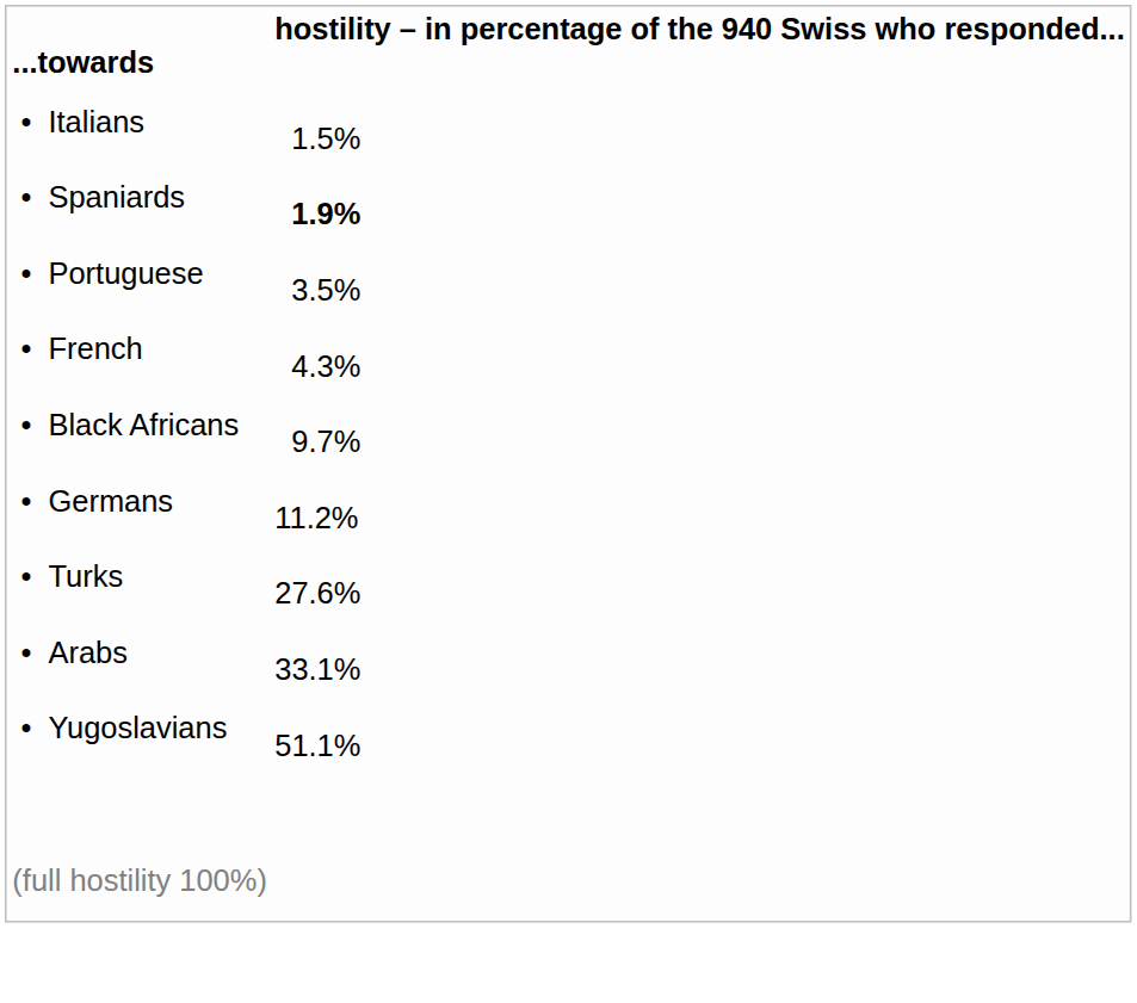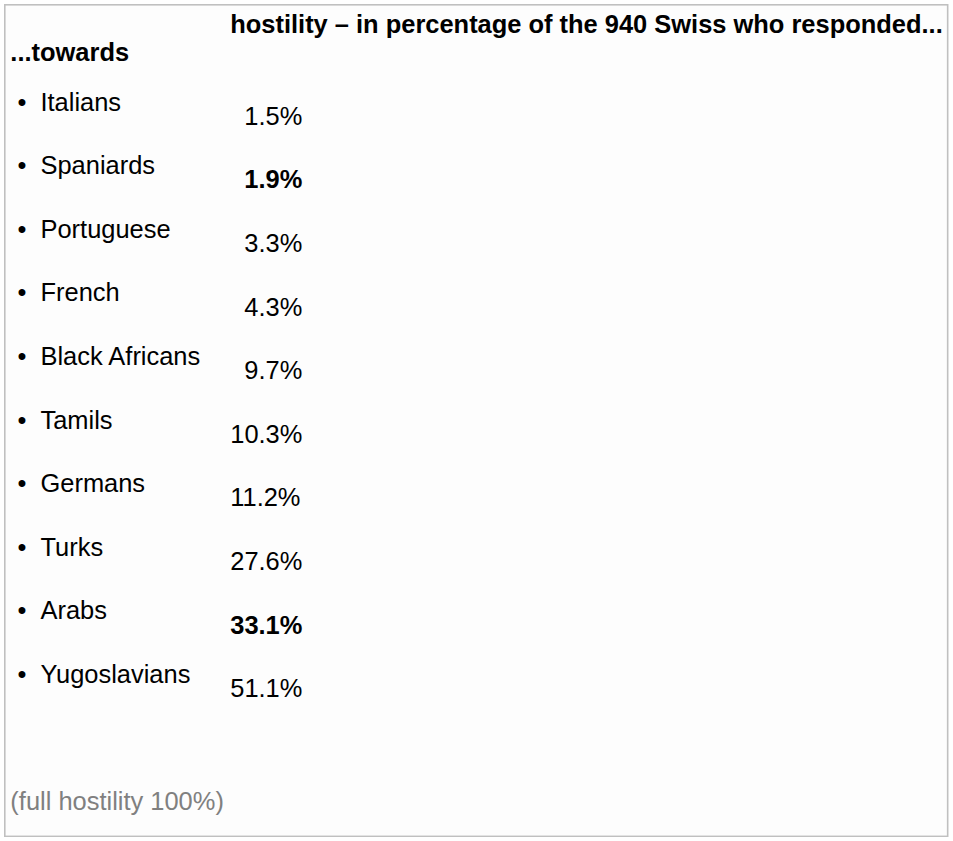 <table style="border-style:solid; border-width:1px; border-color:#c0c0c0; background-color:#fdfdfd; text-align:left;" cellpadding="1">
 <tr>
 <th><br>...towards</th>
 <th style="width: 35em};">hostility – in percentage of the 940 Swiss who responded...<br> </th>
 </tr>
 <tr>
 <td><span> •  </span>Italians</td>
 <td><div><br><div></div> <span><span>  1.5%</span></span></div></td>
 </tr>
 <tr>
 <td><span> •  </span>Spaniards</td>
 <td><strong><div><br><div></div> <span><span>  1.9%</span></span></div></strong></td>
 </tr>
 <tr>
 <td><span> •  </span>Portuguese</td>
-<td><div><br><div></div> <span><span>  3.5%</span></span></div></td>
+<td><div><br><div></div> <span><span>  3.3%</span></span></div></td>
 </tr>
 <tr>
 <td><span> •  </span>French</td>
 <td><div><br><div></div> <span><span>  4.3%</span></span></div></td>
 </tr>
 <tr>
 <td><span> •  </span>Black Africans</td>
 <td><div><br><div></div> <span><span>  9.7%</span></span></div></td>
+</tr>
+<tr>
+<td><span> •  </span>Tamils</td>
+<td><div><br><div></div> <span><span>10.3%</span></span></div></td>
 </tr>
 <tr>
 <td><span> •  </span>Germans</td>
 <td><div><br><div></div> <span><span>11.2%</span></span></div></td>
 </tr>
 <tr>
 <td><span> •  </span>Turks</td>
 <td><div><br><div></div> <span><span>27.6%</span></span></div></td>
 </tr>
 <tr>
 <td><span> •  </span>Arabs</td>
-<td><div><br><div></div> <span><span>33.1%</span></span></div></td>
+<td><strong><div><br><div></div> <span><span>33.1%</span></span></div></strong></td>
 </tr>
 <tr>
 <td><span> •  </span>Yugoslavians</td>
 <td><div><br><div></div> <span><span>51.1%</span></span></div></td>
 </tr>
 <tr>
 <td></td>
 <td><div><br><div></div> <span><span> </span></span></div></td>
 </tr>
 <tr>
 <td style="color:grey;">(full hostility 100%)</td>
 <td><div><br><div></div> <span><span> </span></span></div></td>
 </tr>
 </table>
